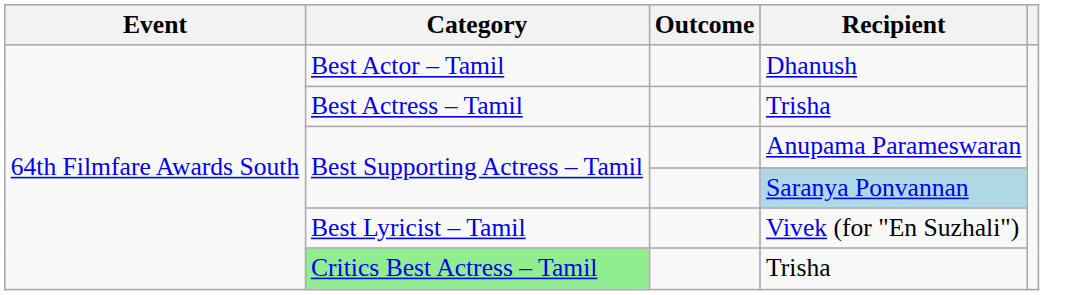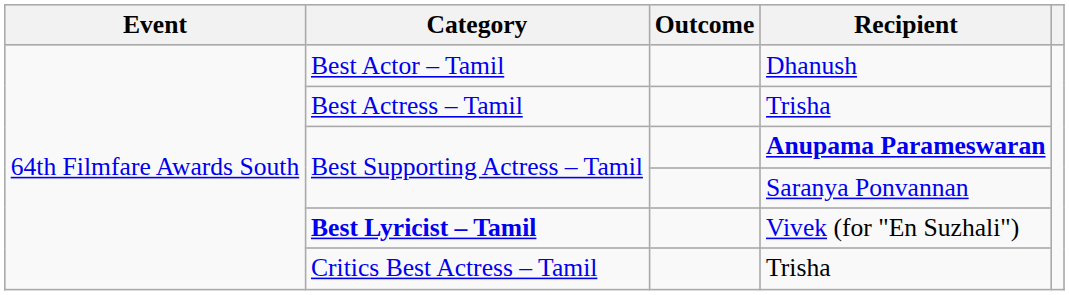 <table class="wikitable">
 <tr>
 <th>Event</th>
 <th>Category</th>
 <th>Outcome</th>
 <th>Recipient</th>
 <th></th>
 </tr>
 <tr>
 <td rowspan="6"><a href='#'>64th Filmfare Awards South</a></td>
 <td><a href='#'>Best Actor – Tamil</a></td>
 <td></td>
 <td><a href='#'>Dhanush</a></td>
 <td rowspan="6" style="text-align:center;"><br></td>
 </tr>
 <tr>
 <td><a href='#'>Best Actress – Tamil</a></td>
 <td></td>
 <td><a href='#'>Trisha</a></td>
 </tr>
 <tr>
 <td rowspan="2"><a href='#'>Best Supporting Actress – Tamil</a></td>
 <td></td>
-<td><a href='#'>Anupama Parameswaran</a></td>
+<td><strong><a href='#'>Anupama Parameswaran</a></strong></td>
 </tr>
 <tr>
 <td></td>
-<td style="background: lightblue;"><a href='#'>Saranya Ponvannan</a></td>
+<td><a href='#'>Saranya Ponvannan</a></td>
 </tr>
 <tr>
-<td><a href='#'>Best Lyricist – Tamil</a></td>
+<td><strong><a href='#'>Best Lyricist – Tamil</a></strong></td>
 <td></td>
 <td><a href='#'>Vivek</a> (for "En Suzhali")</td>
 </tr>
 <tr>
-<td style="background: lightgreen;"><a href='#'>Critics Best Actress – Tamil</a></td>
+<td><a href='#'>Critics Best Actress – Tamil</a></td>
 <td></td>
 <td>Trisha</td>
 </tr>
 </table>
